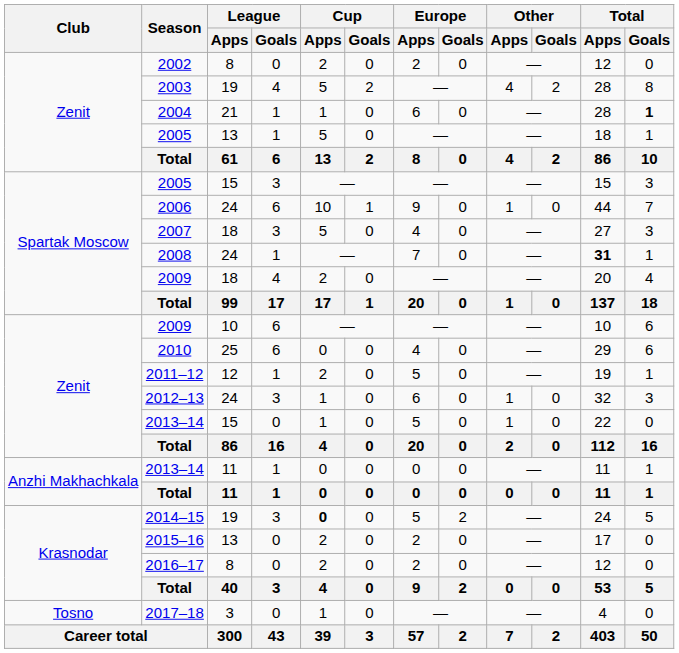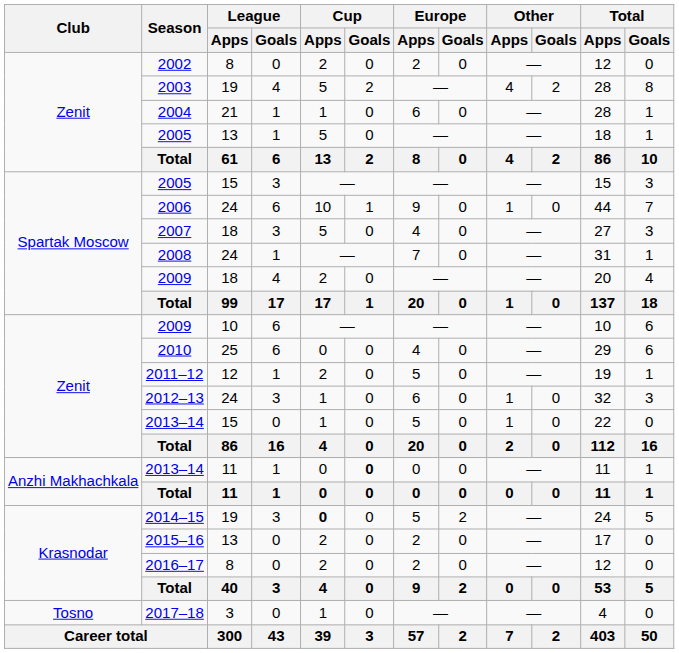 <table class="wikitable" style="text-align: center;">
 <tr>
 <th rowspan="2">Club</th>
 <th rowspan="2">Season</th>
 <th colspan="2">League</th>
 <th colspan="2">Cup</th>
 <th colspan="2">Europe</th>
 <th colspan="2">Other</th>
 <th colspan="2">Total</th>
 </tr>
 <tr>
 <th>Apps</th>
 <th>Goals</th>
 <th>Apps</th>
 <th>Goals</th>
 <th>Apps</th>
 <th>Goals</th>
 <th>Apps</th>
 <th>Goals</th>
 <th>Apps</th>
 <th>Goals</th>
 </tr>
 <tr>
 <td rowspan=5><a href='#'>Zenit</a></td>
 <td><a href='#'>2002</a></td>
 <td>8</td>
 <td>0</td>
 <td>2</td>
 <td>0</td>
 <td>2</td>
 <td>0</td>
 <td colspan=2>—</td>
 <td>12</td>
 <td>0</td>
 </tr>
 <tr>
 <td><a href='#'>2003</a></td>
 <td>19</td>
 <td>4</td>
 <td>5</td>
 <td>2</td>
 <td colspan=2>—</td>
 <td>4</td>
 <td>2</td>
 <td>28</td>
 <td>8</td>
 </tr>
 <tr>
 <td><a href='#'>2004</a></td>
 <td>21</td>
 <td>1</td>
 <td>1</td>
 <td>0</td>
 <td>6</td>
 <td>0</td>
 <td colspan=2>—</td>
 <td>28</td>
-<td><strong>1</strong></td>
+<td>1</td>
 </tr>
 <tr>
 <td><a href='#'>2005</a></td>
 <td>13</td>
 <td>1</td>
 <td>5</td>
 <td>0</td>
 <td colspan=2>—</td>
 <td colspan=2>—</td>
 <td>18</td>
 <td>1</td>
 </tr>
 <tr>
 <th>Total</th>
 <th>61</th>
 <th>6</th>
 <th>13</th>
 <th>2</th>
 <th>8</th>
 <th>0</th>
 <th>4</th>
 <th>2</th>
 <th>86</th>
 <th>10</th>
 </tr>
 <tr>
 <td rowspan=6><a href='#'>Spartak Moscow</a></td>
 <td><a href='#'>2005</a></td>
 <td>15</td>
 <td>3</td>
 <td colspan=2>—</td>
 <td colspan=2>—</td>
 <td colspan=2>—</td>
 <td>15</td>
 <td>3</td>
 </tr>
 <tr>
 <td><a href='#'>2006</a></td>
 <td>24</td>
 <td>6</td>
 <td>10</td>
 <td>1</td>
 <td>9</td>
 <td>0</td>
 <td>1</td>
 <td>0</td>
 <td>44</td>
 <td>7</td>
 </tr>
 <tr>
 <td><a href='#'>2007</a></td>
 <td>18</td>
 <td>3</td>
 <td>5</td>
 <td>0</td>
 <td>4</td>
 <td>0</td>
 <td colspan=2>—</td>
 <td>27</td>
 <td>3</td>
 </tr>
 <tr>
 <td><a href='#'>2008</a></td>
 <td>24</td>
 <td>1</td>
 <td colspan=2>—</td>
 <td>7</td>
 <td>0</td>
 <td colspan=2>—</td>
-<td><strong>31</strong></td>
+<td>31</td>
 <td>1</td>
 </tr>
 <tr>
 <td><a href='#'>2009</a></td>
 <td>18</td>
 <td>4</td>
 <td>2</td>
 <td>0</td>
 <td colspan=2>—</td>
 <td colspan=2>—</td>
 <td>20</td>
 <td>4</td>
 </tr>
 <tr>
 <th>Total</th>
 <th>99</th>
 <th>17</th>
 <th>17</th>
 <th>1</th>
 <th>20</th>
 <th>0</th>
 <th>1</th>
 <th>0</th>
 <th>137</th>
 <th>18</th>
 </tr>
 <tr>
 <td rowspan="6"><a href='#'>Zenit</a></td>
 <td><a href='#'>2009</a></td>
 <td>10</td>
 <td>6</td>
 <td colspan=2>—</td>
 <td colspan=2>—</td>
 <td colspan=2>—</td>
 <td>10</td>
 <td>6</td>
 </tr>
 <tr>
 <td><a href='#'>2010</a></td>
 <td>25</td>
 <td>6</td>
 <td>0</td>
 <td>0</td>
 <td>4</td>
 <td>0</td>
 <td colspan=2>—</td>
 <td>29</td>
 <td>6</td>
 </tr>
 <tr>
 <td><a href='#'>2011–12</a></td>
 <td>12</td>
 <td>1</td>
 <td>2</td>
 <td>0</td>
 <td>5</td>
 <td>0</td>
 <td colspan=2>—</td>
 <td>19</td>
 <td>1</td>
 </tr>
 <tr>
 <td><a href='#'>2012–13</a></td>
 <td>24</td>
 <td>3</td>
 <td>1</td>
 <td>0</td>
 <td>6</td>
 <td>0</td>
 <td>1</td>
 <td>0</td>
 <td>32</td>
 <td>3</td>
 </tr>
 <tr>
 <td><a href='#'>2013–14</a></td>
 <td>15</td>
 <td>0</td>
 <td>1</td>
 <td>0</td>
 <td>5</td>
 <td>0</td>
 <td>1</td>
 <td>0</td>
 <td>22</td>
 <td>0</td>
 </tr>
 <tr>
 <th>Total</th>
 <th>86</th>
 <th>16</th>
 <th>4</th>
 <th>0</th>
 <th>20</th>
 <th>0</th>
 <th>2</th>
 <th>0</th>
 <th>112</th>
 <th>16</th>
 </tr>
 <tr>
 <td rowspan="2"><a href='#'>Anzhi Makhachkala</a></td>
 <td><a href='#'>2013–14</a></td>
 <td>11</td>
 <td>1</td>
 <td>0</td>
-<td>0</td>
+<td><strong>0</strong></td>
 <td>0</td>
 <td>0</td>
 <td colspan=2>—</td>
 <td>11</td>
 <td>1</td>
 </tr>
 <tr>
 <th>Total</th>
 <th>11</th>
 <th>1</th>
 <th>0</th>
 <th>0</th>
 <th>0</th>
 <th>0</th>
 <th>0</th>
 <th>0</th>
 <th>11</th>
 <th>1</th>
 </tr>
 <tr>
 <td rowspan="4"><a href='#'>Krasnodar</a></td>
 <td><a href='#'>2014–15</a></td>
 <td>19</td>
 <td>3</td>
 <td><strong>0</strong></td>
 <td>0</td>
 <td>5</td>
 <td>2</td>
 <td colspan=2>—</td>
 <td>24</td>
 <td>5</td>
 </tr>
 <tr>
 <td><a href='#'>2015–16</a></td>
 <td>13</td>
 <td>0</td>
 <td>2</td>
 <td>0</td>
 <td>2</td>
 <td>0</td>
 <td colspan=2>—</td>
 <td>17</td>
 <td>0</td>
 </tr>
 <tr>
 <td><a href='#'>2016–17</a></td>
 <td>8</td>
 <td>0</td>
 <td>2</td>
 <td>0</td>
 <td>2</td>
 <td>0</td>
 <td colspan=2>—</td>
 <td>12</td>
 <td>0</td>
 </tr>
 <tr>
 <th>Total</th>
 <th>40</th>
 <th>3</th>
 <th>4</th>
 <th>0</th>
 <th>9</th>
 <th>2</th>
 <th>0</th>
 <th>0</th>
 <th>53</th>
 <th>5</th>
 </tr>
 <tr>
 <td><a href='#'>Tosno</a></td>
 <td><a href='#'>2017–18</a></td>
 <td>3</td>
 <td>0</td>
 <td>1</td>
 <td>0</td>
 <td colspan=2>—</td>
 <td colspan=2>—</td>
 <td>4</td>
 <td>0</td>
 </tr>
 <tr>
 <th colspan="2">Career total</th>
 <th>300</th>
 <th>43</th>
 <th>39</th>
 <th>3</th>
 <th>57</th>
 <th>2</th>
 <th>7</th>
 <th>2</th>
 <th>403</th>
 <th>50</th>
 </tr>
 </table>
